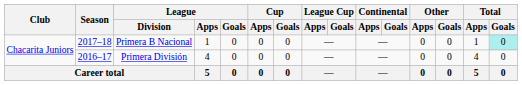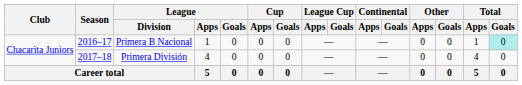 <table class="wikitable" style="text-align:center">
 <tr>
 <th rowspan="2">Club</th>
 <th rowspan="2">Season</th>
 <th colspan="3">League</th>
 <th colspan="2">Cup</th>
 <th colspan="2">League Cup</th>
 <th colspan="2">Continental</th>
 <th colspan="2">Other</th>
 <th colspan="2">Total</th>
 </tr>
 <tr>
 <th>Division</th>
 <th>Apps</th>
 <th>Goals</th>
 <th>Apps</th>
 <th>Goals</th>
 <th>Apps</th>
 <th>Goals</th>
 <th>Apps</th>
 <th>Goals</th>
 <th>Apps</th>
 <th>Goals</th>
 <th>Apps</th>
 <th>Goals</th>
 </tr>
 <tr>
 <td rowspan="2"><a href='#'>Chacarita Juniors</a></td>
-<td><a href='#'>2017–18</a></td>
+<td><a href='#'>2016–17</a></td>
 <td rowspan="1"><a href='#'>Primera B Nacional</a></td>
 <td>1</td>
 <td>0</td>
 <td>0</td>
 <td>0</td>
 <td colspan="2">—</td>
 <td colspan="2">—</td>
 <td>0</td>
 <td>0</td>
 <td>1</td>
 <td style="background: paleturquoise;">0</td>
 </tr>
 <tr>
-<td><a href='#'>2016–17</a></td>
+<td><a href='#'>2017–18</a></td>
 <td rowspan="1"><a href='#'>Primera División</a></td>
 <td>4</td>
 <td>0</td>
 <td>0</td>
 <td>0</td>
 <td colspan="2">—</td>
 <td colspan="2">—</td>
 <td>0</td>
 <td>0</td>
 <td>4</td>
 <td>0</td>
 </tr>
 <tr>
 <th colspan="3">Career total</th>
 <th>5</th>
 <th>0</th>
 <th>0</th>
 <th>0</th>
 <th colspan="2">—</th>
 <th colspan="2">—</th>
 <th>0</th>
 <th>0</th>
 <th>5</th>
 <th>0</th>
 </tr>
 </table>
